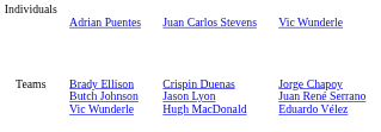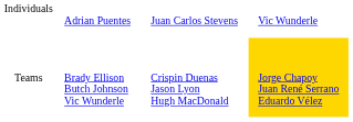 <table>
 <tr>
 <td align=center>Individuals</td>
 <td style="padding: 14px;"> <br><br><a href='#'>Adrian Puentes</a></td>
 <td style="padding: 14px;"> <br><br><a href='#'>Juan Carlos Stevens</a></td>
 <td style="padding: 14px;"> <br><br><a href='#'>Vic Wunderle</a></td>
 </tr>
 <tr>
 <td align=center>Teams</td>
 <td style="padding: 14px;"> <br><br><a href='#'>Brady Ellison</a><br><a href='#'>Butch Johnson</a><br><a href='#'>Vic Wunderle</a></td>
 <td style="padding: 14px;"> <br><br><a href='#'>Crispin Duenas</a><br><a href='#'>Jason Lyon</a><br><a href='#'>Hugh MacDonald</a></td>
-<td style="padding: 14px;"> <br><br><a href='#'>Jorge Chapoy</a><br><a href='#'>Juan René Serrano</a><br><a href='#'>Eduardo Vélez</a></td>
+<td style="background: gold; padding: 14px;"> <br><br><a href='#'>Jorge Chapoy</a><br><a href='#'>Juan René Serrano</a><br><a href='#'>Eduardo Vélez</a></td>
 </tr>
 </table>
